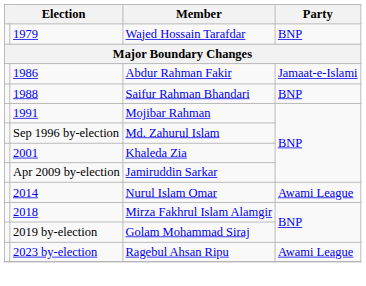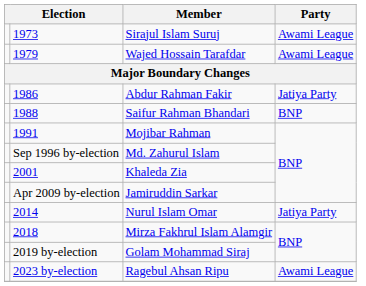 <table class="wikitable">
 <tr>
 <th colspan="2">Election</th>
 <th>Member</th>
 <th>Party</th>
 </tr>
 <tr>
 <td style="background-color:"></td>
+<td><a href='#'>1973</a></td>
+<td><a href='#'>Sirajul Islam Suruj</a></td>
+<td><a href='#'>Awami League</a></td>
+</tr>
+<tr>
+<td style="background-color:"></td>
 <td><a href='#'>1979</a></td>
 <td><a href='#'>Wajed Hossain Tarafdar</a></td>
-<td><a href='#'>BNP</a></td>
+<td><a href='#'>Awami League</a></td>
 </tr>
 <tr>
 <th colspan="4">Major Boundary Changes</th>
 </tr>
 <tr>
 <td style="background-color:"></td>
 <td><a href='#'>1986</a></td>
 <td><a href='#'>Abdur Rahman Fakir</a></td>
-<td><a href='#'>Jamaat-e-Islami</a></td>
+<td><a href='#'>Jatiya Party</a></td>
 </tr>
 <tr>
 <td style="background-color:"></td>
 <td><a href='#'>1988</a></td>
 <td><a href='#'>Saifur Rahman Bhandari</a></td>
 <td><a href='#'>BNP</a></td>
 </tr>
 <tr>
 <td style="background-color:"></td>
 <td><a href='#'>1991</a></td>
 <td><a href='#'>Mojibar Rahman</a></td>
 <td rowspan="4"><a href='#'>BNP</a></td>
 </tr>
 <tr>
 <td style="background-color:"></td>
 <td>Sep 1996 by-election</td>
 <td><a href='#'>Md. Zahurul Islam</a></td>
 </tr>
 <tr>
 <td style="background-color:"></td>
 <td><a href='#'>2001</a></td>
 <td><a href='#'>Khaleda Zia</a></td>
 </tr>
 <tr>
 <td style="background-color:"></td>
 <td>Apr 2009 by-election</td>
 <td><a href='#'>Jamiruddin Sarkar</a></td>
 </tr>
 <tr>
 <td style="background-color:"></td>
 <td><a href='#'>2014</a></td>
 <td><a href='#'>Nurul Islam Omar</a></td>
-<td><a href='#'>Awami League</a></td>
+<td><a href='#'>Jatiya Party</a></td>
 </tr>
 <tr>
 <td style="background-color:"></td>
 <td><a href='#'>2018</a></td>
 <td><a href='#'>Mirza Fakhrul Islam Alamgir</a></td>
 <td rowspan="2"><a href='#'>BNP</a></td>
 </tr>
 <tr>
 <td style="background-color:"></td>
 <td>2019 by-election</td>
 <td><a href='#'>Golam Mohammad Siraj</a></td>
 </tr>
 <tr>
 <td style="background-color:"></td>
 <td><a href='#'>2023 by-election</a></td>
 <td><a href='#'>Ragebul Ahsan Ripu</a></td>
 <td><a href='#'>Awami League</a></td>
 </tr>
 <tr>
 </tr>
 </table>
